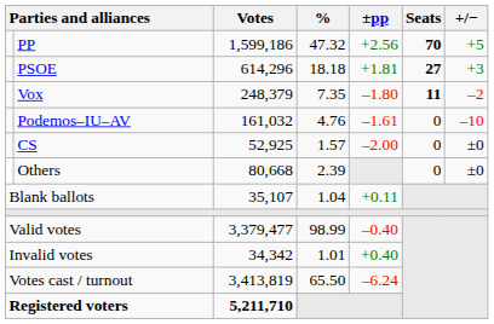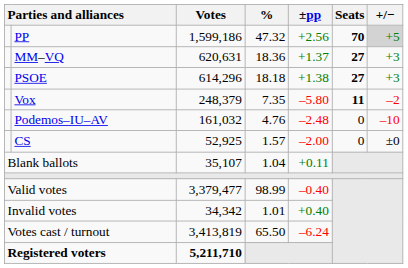 <table class="wikitable" style="text-align:right;">
 <tr>
 <th style="text-align:left;" colspan="2" width="200">Parties and alliances</th>
 <th width="75">Votes</th>
 <th width="45">%</th>
 <th width="45">±<a href='#'>pp</a></th>
 <th width="35">Seats</th>
 <th width="35">+/−</th>
 </tr>
 <tr>
 <td width="1" style="color:inherit;background:"></td>
 <td align="left"><a href='#'>PP</a></td>
 <td>1,599,186</td>
 <td>47.32</td>
 <td style="color:green;">+2.56</td>
 <td><strong>70</strong></td>
-<td style="color:green;">+5</td>
+<td style="background: lightgrey; color:green;">+5</td>
+</tr>
+<tr>
+<td style="color:inherit;background:"></td>
+<td align="left"><a href='#'>MM</a>–<a href='#'>VQ</a></td>
+<td>620,631</td>
+<td>18.36</td>
+<td style="color:green;">+1.37</td>
+<td><strong>27</strong></td>
+<td style="color:green;">+3</td>
 </tr>
 <tr>
 <td style="color:inherit;background:"></td>
 <td align="left"><a href='#'>PSOE</a></td>
 <td>614,296</td>
 <td>18.18</td>
-<td style="color:green;">+1.81</td>
+<td style="color:green;">+1.38</td>
 <td><strong>27</strong></td>
 <td style="color:green;">+3</td>
 </tr>
 <tr>
 <td style="color:inherit;background:"></td>
 <td align="left"><a href='#'>Vox</a></td>
 <td>248,379</td>
 <td>7.35</td>
-<td style="color:red;">–1.80</td>
+<td style="color:red;">–5.80</td>
 <td><strong>11</strong></td>
 <td style="color:red;">–2</td>
 </tr>
 <tr>
 <td style="color:inherit;background:"></td>
 <td align="left"><a href='#'>Podemos–IU–AV</a></td>
 <td>161,032</td>
 <td>4.76</td>
-<td style="color:red;">–1.61</td>
+<td style="color:red;">–2.48</td>
 <td>0</td>
 <td style="color:red;">–10</td>
 </tr>
 <tr>
 <td style="color:inherit;background:"></td>
 <td align="left"><a href='#'>CS</a></td>
 <td>52,925</td>
 <td>1.57</td>
 <td style="color:red;">–2.00</td>
-<td>0</td>
-<td>±0</td>
-</tr>
-<tr>
-<td bgcolor="white"></td>
-<td align="left">Others</td>
-<td>80,668</td>
-<td>2.39</td>
-<td bgcolor="#E9E9E9"></td>
 <td>0</td>
 <td>±0</td>
 </tr>
 <tr>
 <td align="left" colspan="2">Blank ballots</td>
 <td>35,107</td>
 <td>1.04</td>
 <td style="color:green;">+0.11</td>
 <td bgcolor="#E9E9E9" colspan="2"></td>
 </tr>
 <tr>
 <td colspan="7" bgcolor="#E9E9E9"></td>
 </tr>
 <tr>
 <td align="left" colspan="2">Valid votes</td>
 <td>3,379,477</td>
 <td>98.99</td>
 <td style="color:red;">–0.40</td>
 <td bgcolor="#E9E9E9" colspan="2" rowspan="4"></td>
 </tr>
 <tr>
 <td align="left" colspan="2">Invalid votes</td>
 <td>34,342</td>
 <td>1.01</td>
 <td style="color:green;">+0.40</td>
 </tr>
 <tr>
 <td align="left" colspan="2">Votes cast / turnout</td>
 <td>3,413,819</td>
 <td>65.50</td>
 <td style="color:red;">–6.24</td>
 </tr>
 <tr style="font-weight:bold;">
 <td align="left" colspan="2">Registered voters</td>
 <td>5,211,710</td>
 <td bgcolor="#E9E9E9" colspan="2"></td>
 </tr>
 </table>
